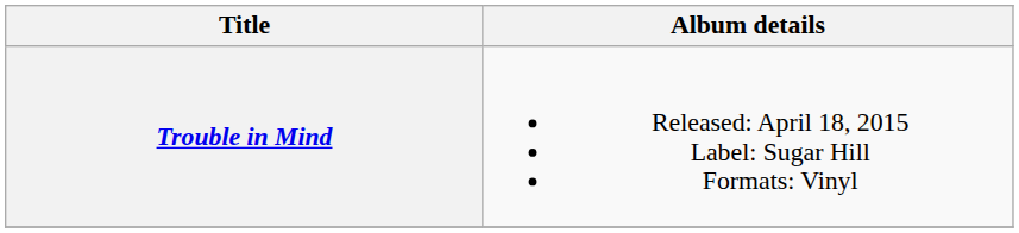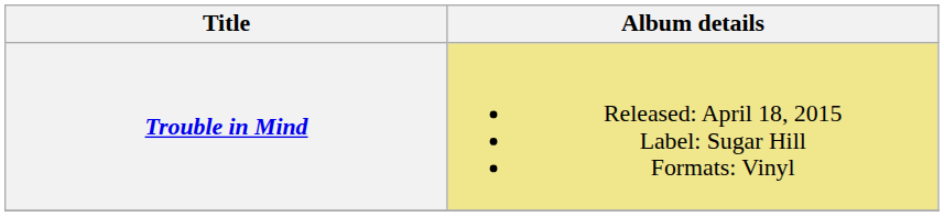 <table class="wikitable plainrowheaders" style="text-align:center;">
 <tr>
 <th scope="col" style="width:18em;">Title</th>
 <th scope="col" style="width:20em;">Album details</th>
 </tr>
 <tr>
 <th scope="row"><em><a href='#'>Trouble in Mind</a></em></th>
-<td><br><ul><li>Released: April 18, 2015</li><li>Label: Sugar Hill</li><li>Formats: Vinyl</li></ul></td>
+<td style="background: khaki;"><br><ul><li>Released: April 18, 2015</li><li>Label: Sugar Hill</li><li>Formats: Vinyl</li></ul></td>
 </tr>
 <tr>
 </tr>
 </table>
